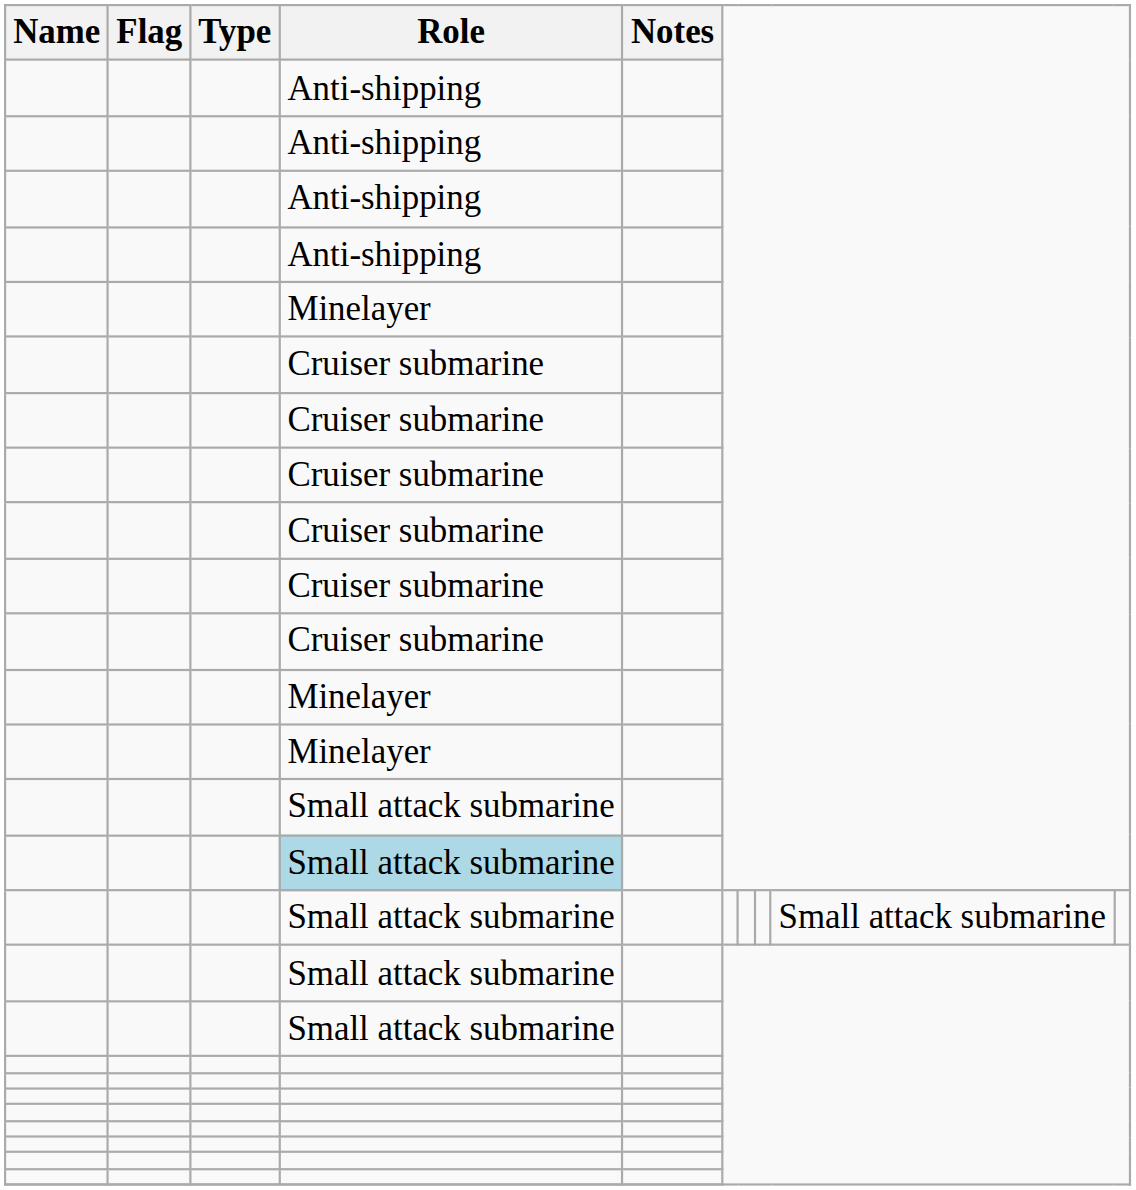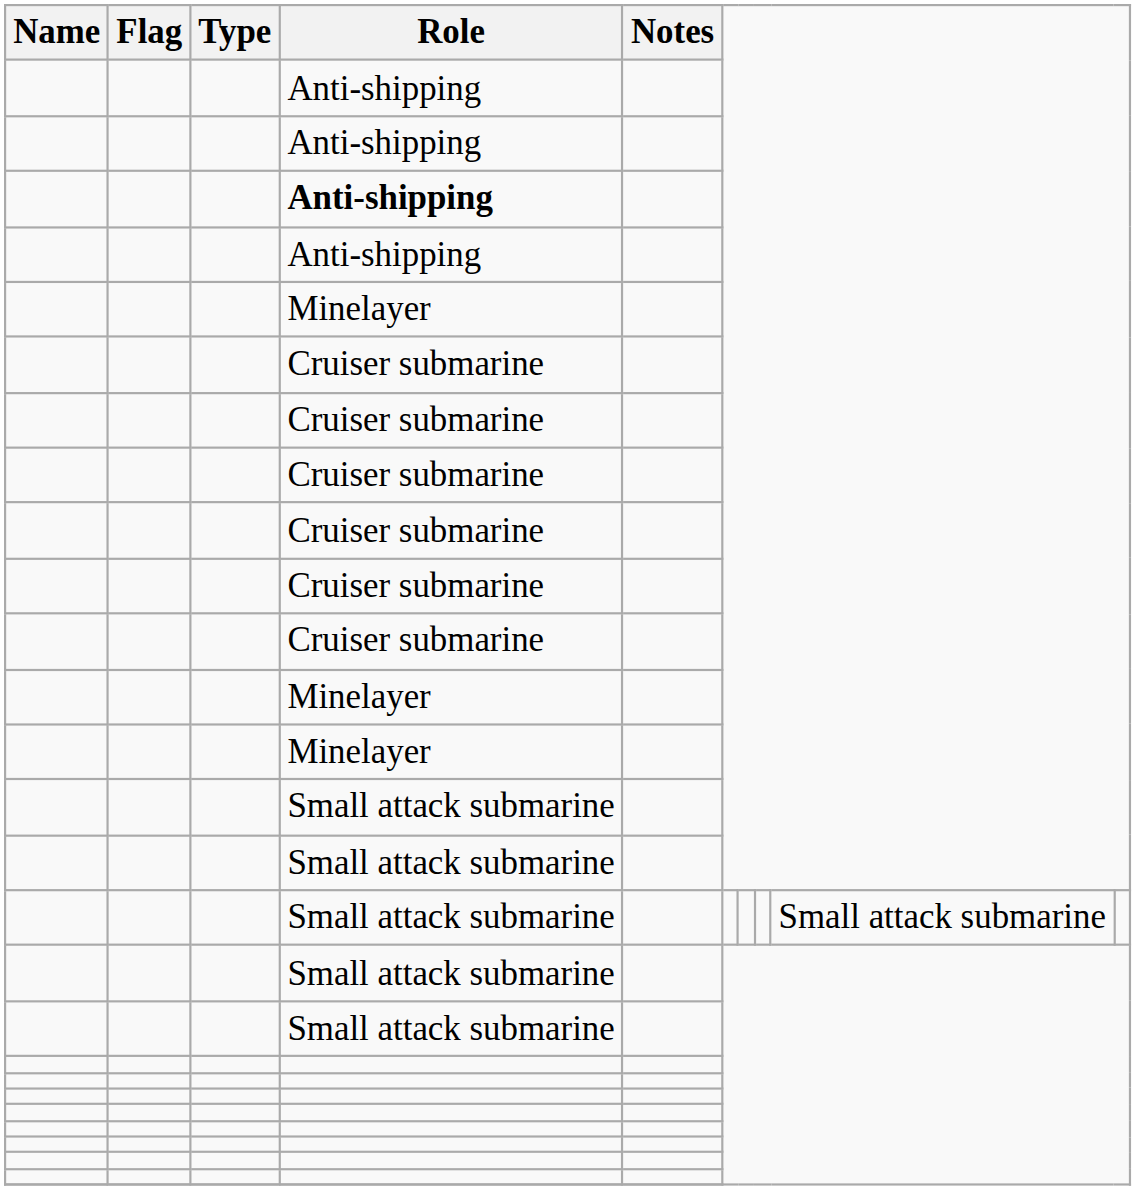 <table class="wikitable sortable">
 <tr>
 <th>Name</th>
 <th>Flag</th>
 <th>Type</th>
 <th>Role</th>
 <th class=unsortable>Notes</th>
 </tr>
 <tr>
 <td></td>
 <td></td>
 <td></td>
 <td>Anti-shipping</td>
 <td></td>
 </tr>
 <tr>
 <td></td>
 <td></td>
 <td></td>
 <td>Anti-shipping</td>
 <td></td>
 </tr>
 <tr>
 <td></td>
 <td></td>
 <td></td>
-<td>Anti-shipping</td>
+<td><strong>Anti-shipping</strong></td>
 <td></td>
 </tr>
 <tr>
 <td></td>
 <td></td>
 <td></td>
 <td>Anti-shipping</td>
 <td></td>
 </tr>
 <tr>
 <td></td>
 <td></td>
 <td></td>
 <td>Minelayer</td>
 <td></td>
 </tr>
 <tr>
 <td></td>
 <td></td>
 <td></td>
 <td>Cruiser submarine</td>
 <td></td>
 </tr>
 <tr>
 <td></td>
 <td></td>
 <td></td>
 <td>Cruiser submarine</td>
 <td></td>
 </tr>
 <tr>
 <td></td>
 <td></td>
 <td></td>
 <td>Cruiser submarine</td>
 <td></td>
 </tr>
 <tr>
 <td></td>
 <td></td>
 <td></td>
 <td>Cruiser submarine</td>
 <td></td>
 </tr>
 <tr>
 <td></td>
 <td></td>
 <td></td>
 <td>Cruiser submarine</td>
 <td></td>
 </tr>
 <tr>
 <td></td>
 <td></td>
 <td></td>
 <td>Cruiser submarine</td>
 <td></td>
 </tr>
 <tr>
 <td></td>
 <td></td>
 <td></td>
 <td>Minelayer</td>
 <td></td>
 </tr>
 <tr>
 <td></td>
 <td></td>
 <td></td>
 <td>Minelayer</td>
 <td></td>
 </tr>
 <tr>
 <td></td>
 <td></td>
 <td></td>
 <td>Small attack submarine</td>
 <td></td>
 </tr>
 <tr>
 <td></td>
 <td></td>
 <td></td>
-<td style="background: lightblue;">Small attack submarine</td>
+<td>Small attack submarine</td>
 <td></td>
 </tr>
 <tr>
 <td></td>
 <td></td>
 <td></td>
 <td>Small attack submarine</td>
 <td></td>
 <td></td>
 <td></td>
 <td></td>
 <td>Small attack submarine</td>
 <td></td>
 </tr>
 <tr>
 <td></td>
 <td></td>
 <td></td>
 <td>Small attack submarine</td>
 <td></td>
 </tr>
 <tr>
 <td></td>
 <td></td>
 <td></td>
 <td>Small attack submarine</td>
 <td></td>
 </tr>
 <tr>
 <td></td>
 <td></td>
 <td></td>
 <td></td>
 <td></td>
 </tr>
 <tr>
 <td></td>
 <td></td>
 <td></td>
 <td></td>
 <td></td>
 </tr>
 <tr>
 <td></td>
 <td></td>
 <td></td>
 <td></td>
 <td></td>
 </tr>
 <tr>
 <td></td>
 <td></td>
 <td></td>
 <td></td>
 <td></td>
 </tr>
 <tr>
 <td></td>
 <td></td>
 <td></td>
 <td></td>
 <td></td>
 </tr>
 <tr>
 <td></td>
 <td></td>
 <td></td>
 <td></td>
 <td></td>
 </tr>
 <tr>
 <td></td>
 <td></td>
 <td></td>
 <td></td>
 <td></td>
 </tr>
 <tr>
 <td></td>
 <td></td>
 <td></td>
 <td></td>
 <td></td>
 </tr>
 <tr>
 </tr>
 </table>
